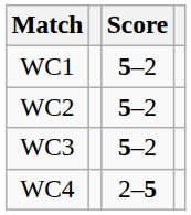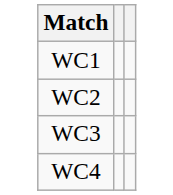 <table class="wikitable" style="font-size: 100%; margin: 1em auto 1em auto;">
 <tr>
 <th>Match</th>
 <th></th>
-<th>Score</th>
 <th></th>
 </tr>
 <tr>
 <td align="center">WC1</td>
 <td><strong></strong></td>
-<td align="center"><strong>5</strong>–2</td>
 <td></td>
 </tr>
 <tr>
 <td align="center">WC2</td>
 <td><strong></strong></td>
-<td align="center"><strong>5</strong>–2</td>
 <td></td>
 </tr>
 <tr>
 <td align="center">WC3</td>
 <td><strong></strong></td>
-<td align="center"><strong>5</strong>–2</td>
 <td></td>
 </tr>
 <tr>
 <td align="center">WC4</td>
 <td></td>
-<td align="center">2–<strong>5</strong></td>
 <td><strong></strong></td>
 </tr>
 </table>
